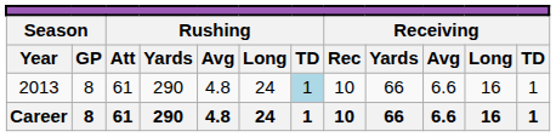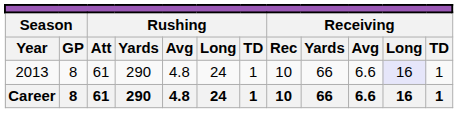 <table class=wikitable style="text-align:center;">
 <tr>
 <td ! colspan="12" style="background:#9B59B6; border:2px solid black; color:black;"></td>
 </tr>
 <tr>
 <th colspan=2>Season</th>
 <th colspan=5>Rushing</th>
 <th colspan=5>Receiving</th>
 </tr>
 <tr>
 <th>Year</th>
 <th>GP</th>
 <th>Att</th>
 <th>Yards</th>
 <th>Avg</th>
 <th>Long</th>
 <th>TD</th>
 <th>Rec</th>
 <th>Yards</th>
 <th>Avg</th>
 <th>Long</th>
 <th>TD</th>
 </tr>
 <tr>
 <td>2013</td>
 <td>8</td>
 <td>61</td>
 <td>290</td>
 <td>4.8</td>
 <td>24</td>
-<td style="background: lightblue;">1</td>
+<td>1</td>
 <td>10</td>
 <td>66</td>
 <td>6.6</td>
-<td>16</td>
+<td style="background: lavender;">16</td>
 <td>1</td>
 </tr>
 <tr>
 <th>Career</th>
 <th>8</th>
 <th>61</th>
 <th>290</th>
 <th>4.8</th>
 <th>24</th>
 <th>1</th>
 <th>10</th>
 <th>66</th>
 <th>6.6</th>
 <th>16</th>
 <th>1</th>
 </tr>
 </table>
